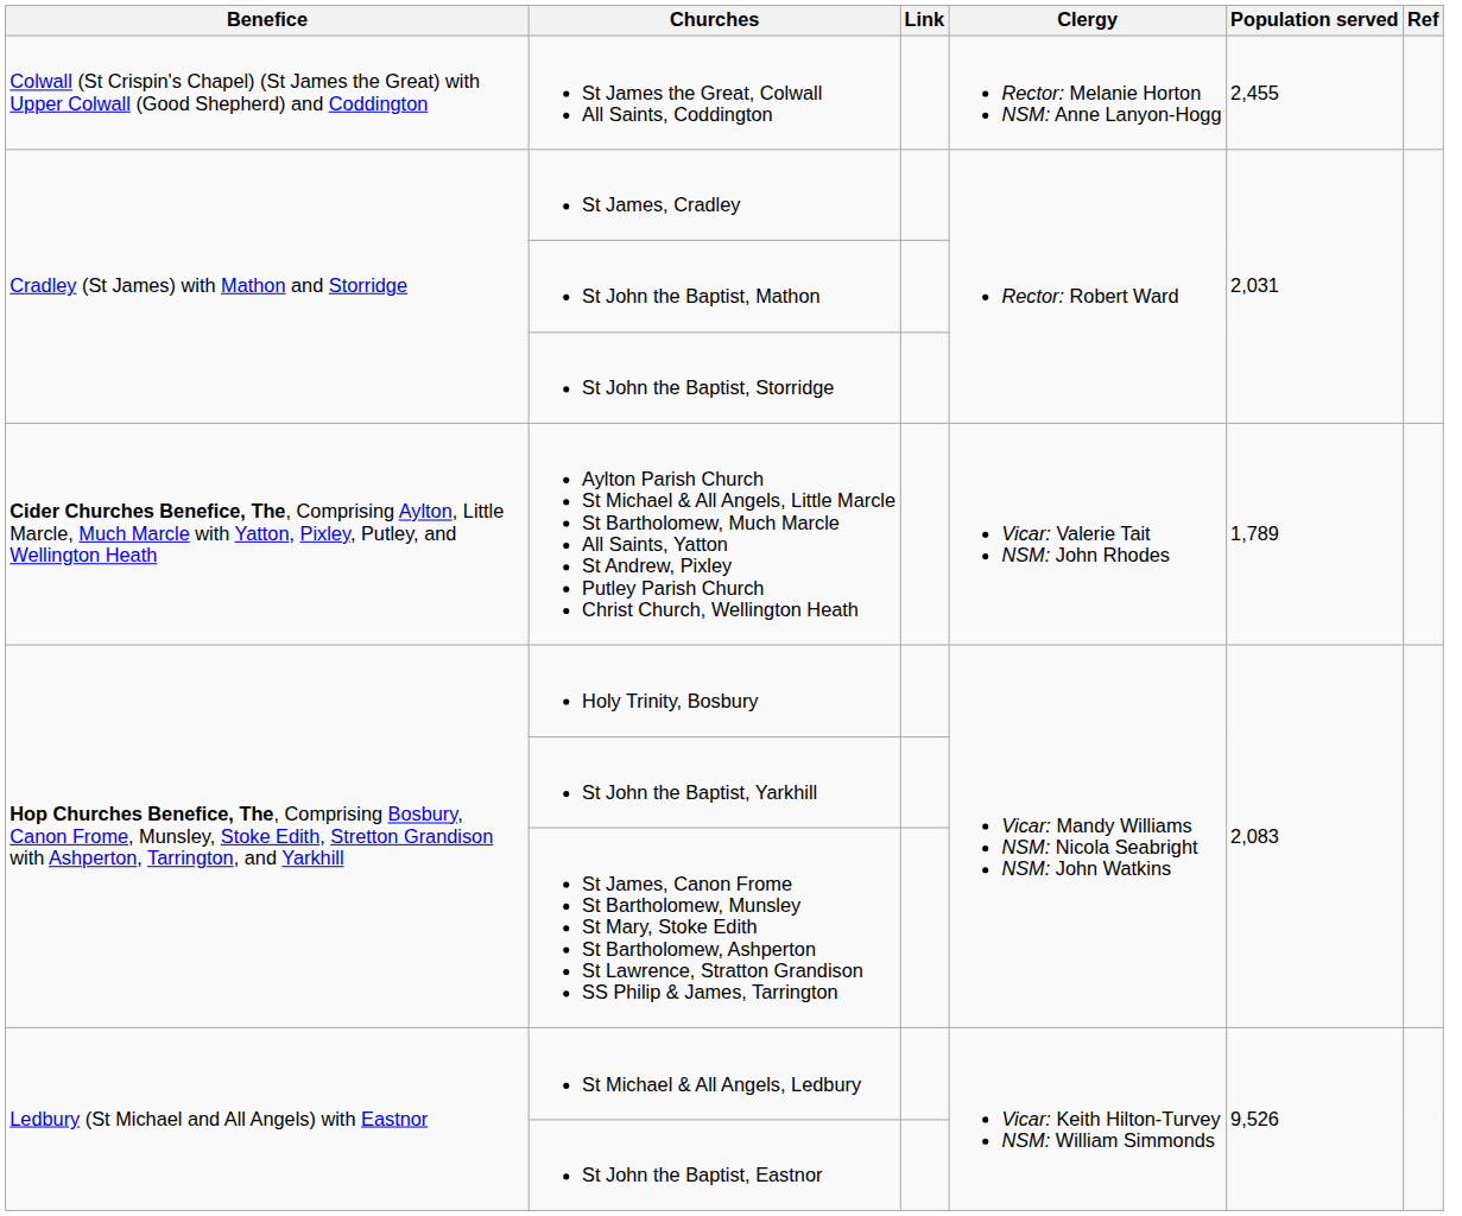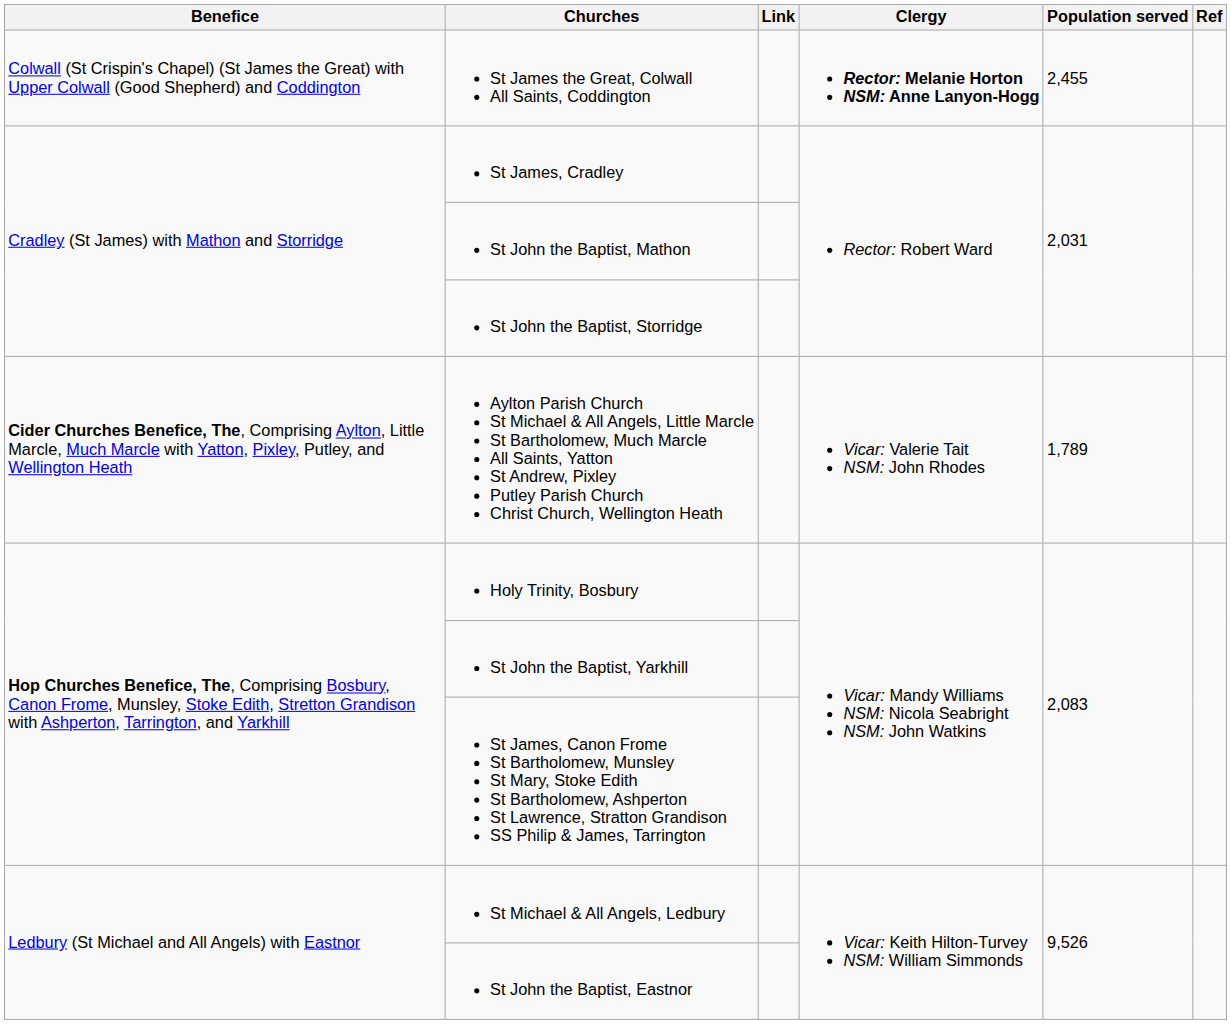 <table class="wikitable">
 <tr>
 <th width="425">Benefice</th>
 <th>Churches</th>
 <th>Link</th>
 <th>Clergy</th>
 <th>Population served</th>
 <th>Ref</th>
 </tr>
 <tr>
 <td><a href='#'>Colwall</a> (St Crispin's Chapel) (St James the Great) with <a href='#'>Upper Colwall</a> (Good Shepherd) and <a href='#'>Coddington</a></td>
 <td><br><ul><li>St James the Great, Colwall</li><li>All Saints, Coddington</li></ul></td>
 <td></td>
-<td><br><ul><li><em>Rector:</em> Melanie Horton</li><li><em>NSM:</em> Anne Lanyon-Hogg</li></ul></td>
+<td><strong><br><ul><li><em>Rector:</em> Melanie Horton</li><li><em>NSM:</em> Anne Lanyon-Hogg</li></ul></strong></td>
 <td>2,455</td>
 <td></td>
 </tr>
 <tr>
 <td rowspan="3"><a href='#'>Cradley</a> (St James) with <a href='#'>Mathon</a> and <a href='#'>Storridge</a></td>
 <td><br><ul><li>St James, Cradley</li></ul></td>
 <td></td>
 <td rowspan="3"><br><ul><li><em>Rector:</em> Robert Ward</li></ul></td>
 <td rowspan="3">2,031</td>
 <td rowspan="3"></td>
 </tr>
 <tr>
 <td><br><ul><li>St John the Baptist, Mathon</li></ul></td>
 <td></td>
 </tr>
 <tr>
 <td><br><ul><li>St John the Baptist, Storridge</li></ul></td>
 <td></td>
 </tr>
 <tr>
 <td><strong>Cider Churches Benefice, The</strong>, Comprising <a href='#'>Aylton</a>, Little Marcle, <a href='#'>Much Marcle</a> with <a href='#'>Yatton</a>, <a href='#'>Pixley</a>, Putley, and <a href='#'>Wellington Heath</a></td>
 <td><br><ul><li>Aylton Parish Church</li><li>St Michael & All Angels, Little Marcle</li><li>St Bartholomew, Much Marcle</li><li>All Saints, Yatton</li><li>St Andrew, Pixley</li><li>Putley Parish Church</li><li>Christ Church, Wellington Heath</li></ul></td>
 <td></td>
 <td><br><ul><li><em>Vicar:</em> Valerie Tait</li><li><em>NSM:</em> John Rhodes</li></ul></td>
 <td>1,789</td>
 <td></td>
 </tr>
 <tr>
 <td rowspan="3"><strong>Hop Churches Benefice, The</strong>, Comprising <a href='#'>Bosbury</a>, <a href='#'>Canon Frome</a>, Munsley, <a href='#'>Stoke Edith</a>, <a href='#'>Stretton Grandison</a> with <a href='#'>Ashperton</a>, <a href='#'>Tarrington</a>, and <a href='#'>Yarkhill</a></td>
 <td><br><ul><li>Holy Trinity, Bosbury</li></ul></td>
 <td></td>
 <td rowspan="3"><br><ul><li><em>Vicar:</em> Mandy Williams</li><li><em>NSM:</em> Nicola Seabright</li><li><em>NSM:</em> John Watkins</li></ul></td>
 <td rowspan="3">2,083</td>
 <td rowspan="3"></td>
 </tr>
 <tr>
 <td><br><ul><li>St John the Baptist, Yarkhill</li></ul></td>
 <td></td>
 </tr>
 <tr>
 <td><br><ul><li>St James, Canon Frome</li><li>St Bartholomew, Munsley</li><li>St Mary, Stoke Edith</li><li>St Bartholomew, Ashperton</li><li>St Lawrence, Stratton Grandison</li><li>SS Philip & James, Tarrington</li></ul></td>
 <td></td>
 </tr>
 <tr>
 <td rowspan="2"><a href='#'>Ledbury</a> (St Michael and All Angels) with <a href='#'>Eastnor</a></td>
 <td><br><ul><li>St Michael & All Angels, Ledbury</li></ul></td>
 <td></td>
 <td rowspan="2"><br><ul><li><em>Vicar:</em> Keith Hilton-Turvey</li><li><em>NSM:</em> William Simmonds</li></ul></td>
 <td rowspan="2">9,526</td>
 <td rowspan="2"></td>
 </tr>
 <tr>
 <td><br><ul><li>St John the Baptist, Eastnor</li></ul></td>
 <td></td>
 </tr>
 </table>
